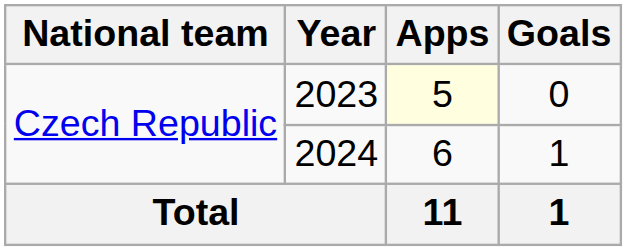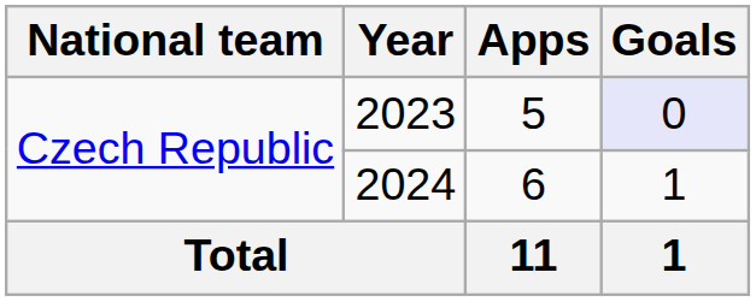 <table class="wikitable" style="text-align:center">
 <tr>
 <th>National team</th>
 <th>Year</th>
 <th>Apps</th>
 <th>Goals</th>
 </tr>
 <tr>
 <td rowspan="2"><a href='#'>Czech Republic</a></td>
 <td>2023</td>
-<td style="background: lightyellow;">5</td>
-<td>0</td>
+<td>5</td>
+<td style="background: lavender;">0</td>
 </tr>
 <tr>
 <td>2024</td>
 <td>6</td>
 <td>1</td>
 </tr>
 <tr>
 <th colspan="2">Total</th>
 <th>11</th>
 <th>1</th>
 </tr>
 </table>
